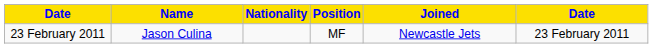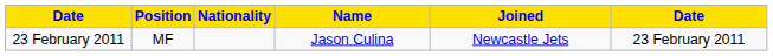 <table class="wikitable"  style="text-align:center; font-size:90%; ">
 <tr>
 <th style="background:#FCE000; color:blue; width:120px;">Date</th>
+<th style="background:#FCE000; color:blue; width:55px;">Position</th>
+<th style="background:#FCE000; color:blue; width:55px;">Nationality</th>
 <th style="background:#FCE000; color:blue; width:150px;">Name</th>
-<th style="background:#FCE000; color:blue; width:55px;">Nationality</th>
-<th style="background:#FCE000; color:blue; width:55px;">Position</th>
 <th style="background:#FCE000; color:blue; width:175px;">Joined</th>
 <th style="background:#FCE000; color:blue; width:150px;">Date</th>
 </tr>
 <tr>
 <td>23 February 2011</td>
+<td>MF</td>
+<td></td>
 <td><a href='#'>Jason Culina</a></td>
-<td></td>
-<td>MF</td>
 <td><a href='#'>Newcastle Jets</a></td>
 <td>23 February 2011</td>
 </tr>
 </table>
